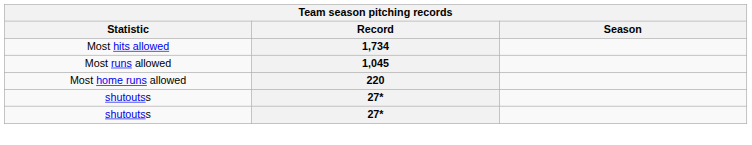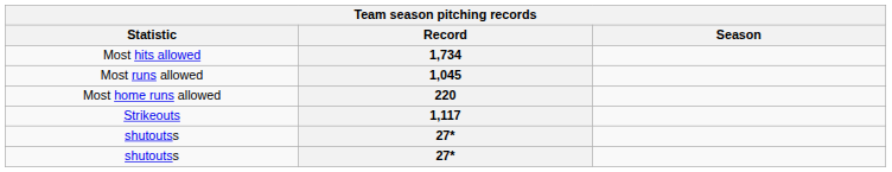 <table class="wikitable" style="text-align:center" width="70%">
 <tr>
 <th colspan=3>Team season pitching records</th>
 </tr>
 <tr>
 <th scope="col" width=20%>Statistic</th>
 <th scope="col" class="unsortable" width=20%>Record</th>
 <th scope="col" width=20%>Season</th>
 </tr>
 <tr>
 <td>Most <a href='#'>hits allowed</a></td>
 <th scope="row">1,734</th>
 <td></td>
 </tr>
 <tr>
 <td>Most <a href='#'>runs</a> allowed</td>
 <th scope="row">1,045</th>
 <td></td>
 </tr>
 <tr>
 <td>Most <a href='#'>home runs</a> allowed</td>
 <th scope="row">220</th>
 <td></td>
 </tr>
 <tr>
+<td><a href='#'>Strikeouts</a></td>
+<th scope="row">1,117</th>
+<td></td>
+</tr>
+<tr>
 <td><a href='#'>shutouts</a>s</td>
 <th scope="row">27*</th>
 <td></td>
 </tr>
 <tr>
 <td><a href='#'>shutouts</a>s</td>
 <th scope="row">27*</th>
 <td></td>
 </tr>
 </table>
